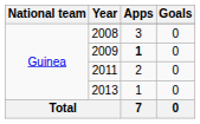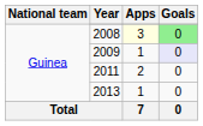 <table class="wikitable" style="text-align:center">
 <tr>
 <th>National team</th>
 <th>Year</th>
 <th>Apps</th>
 <th>Goals</th>
 </tr>
 <tr>
 <td rowspan=5><a href='#'>Guinea</a></td>
 </tr>
 <tr>
 <td>2008</td>
-<td>3</td>
-<td>0</td>
+<td style="background: lightyellow;">3</td>
+<td style="background: lightgreen;">0</td>
 </tr>
 <tr>
 <td>2009</td>
-<td><strong>1</strong></td>
-<td>0</td>
+<td>1</td>
+<td style="background: lavender;">0</td>
 </tr>
 <tr>
 <td>2011</td>
 <td>2</td>
 <td>0</td>
 </tr>
 <tr>
 <td>2013</td>
 <td>1</td>
 <td>0</td>
 </tr>
 <tr>
 <th colspan=2>Total</th>
 <th>7</th>
 <th>0</th>
 </tr>
 </table>
